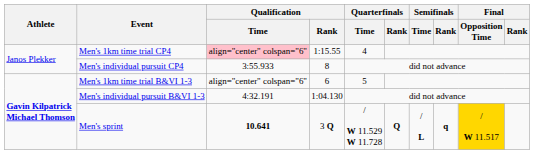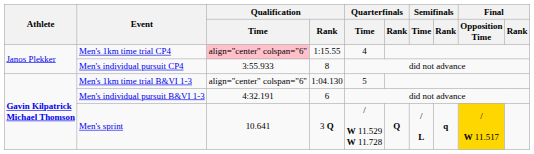 <table class=wikitable style="font-size:90%">
 <tr>
 <th rowspan="2">Athlete</th>
 <th rowspan="2">Event</th>
 <th colspan="2">Qualification</th>
 <th colspan="2">Quarterfinals</th>
 <th colspan="2">Semifinals</th>
 <th colspan="2">Final</th>
 </tr>
 <tr>
 <th>Time</th>
 <th>Rank</th>
 <th>Time</th>
 <th>Rank</th>
 <th>Time</th>
 <th>Rank</th>
 <th>Opposition<br>Time</th>
 <th>Rank</th>
 </tr>
 <tr>
 <td rowspan="2"><a href='#'>Janos Plekker</a></td>
 <td><a href='#'>Men's 1km time trial CP4</a></td>
 <td style="background: pink;">align="center" colspan="6" </td>
 <td align="center">1:15.55</td>
 <td align="center">4</td>
 </tr>
 <tr>
 <td><a href='#'>Men's individual pursuit CP4</a></td>
 <td align="center">3:55.933</td>
 <td align="center">8</td>
 <td align="center" colspan="6">did not advance</td>
 </tr>
 <tr>
 <td rowspan="3"><strong><a href='#'>Gavin Kilpatrick</a><br> <a href='#'>Michael Thomson</a></strong></td>
 <td><a href='#'>Men's 1km time trial B&VI 1-3</a></td>
 <td>align="center" colspan="6" </td>
-<td align="center">6</td>
+<td align="center">1:04.130</td>
 <td align="center">5</td>
 </tr>
 <tr>
 <td><a href='#'>Men's individual pursuit B&VI 1-3</a></td>
 <td align="center">4:32.191</td>
-<td align="center">1:04.130</td>
+<td align="center">6</td>
 <td align="center" colspan="6">did not advance</td>
 </tr>
 <tr>
 <td><a href='#'>Men's sprint</a></td>
-<td align="center"><strong>10.641</strong></td>
+<td align="center">10.641</td>
 <td align="center">3 <strong>Q</strong></td>
 <td align="center"> /<br> <br> <strong>W</strong> 11.529<br> <strong>W</strong> 11.728</td>
 <td align="center"><strong>Q</strong></td>
 <td align="center"> /<br> <br> <strong>L</strong></td>
 <td align="center"><strong>q</strong></td>
 <td align="center" style="background: gold;"> /<br> <br> <strong>W</strong> 11.517</td>
 <td align="center"></td>
 </tr>
 </table>
